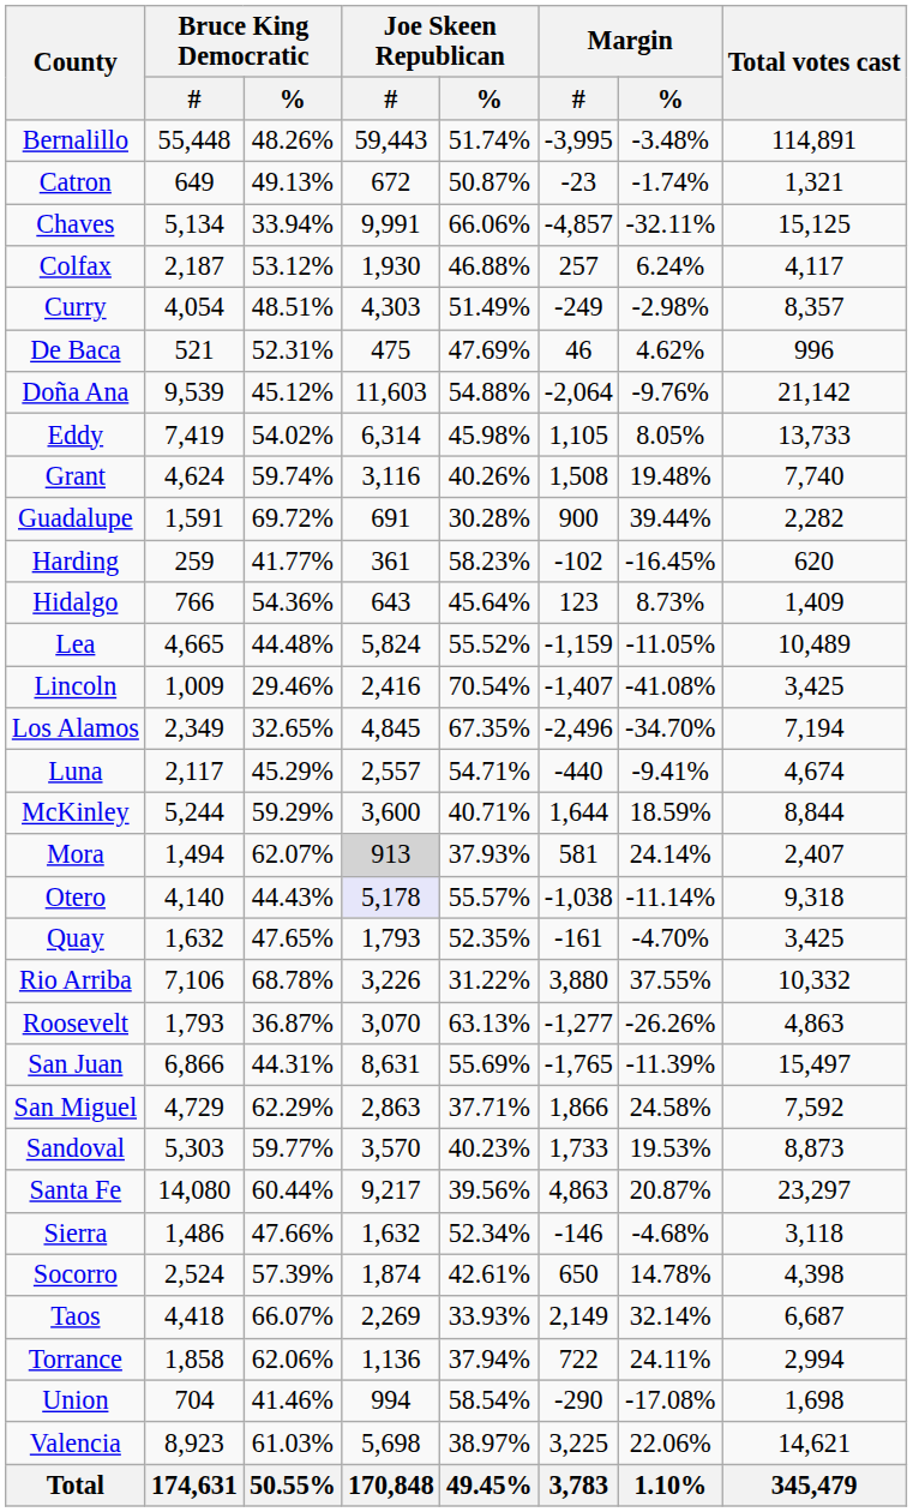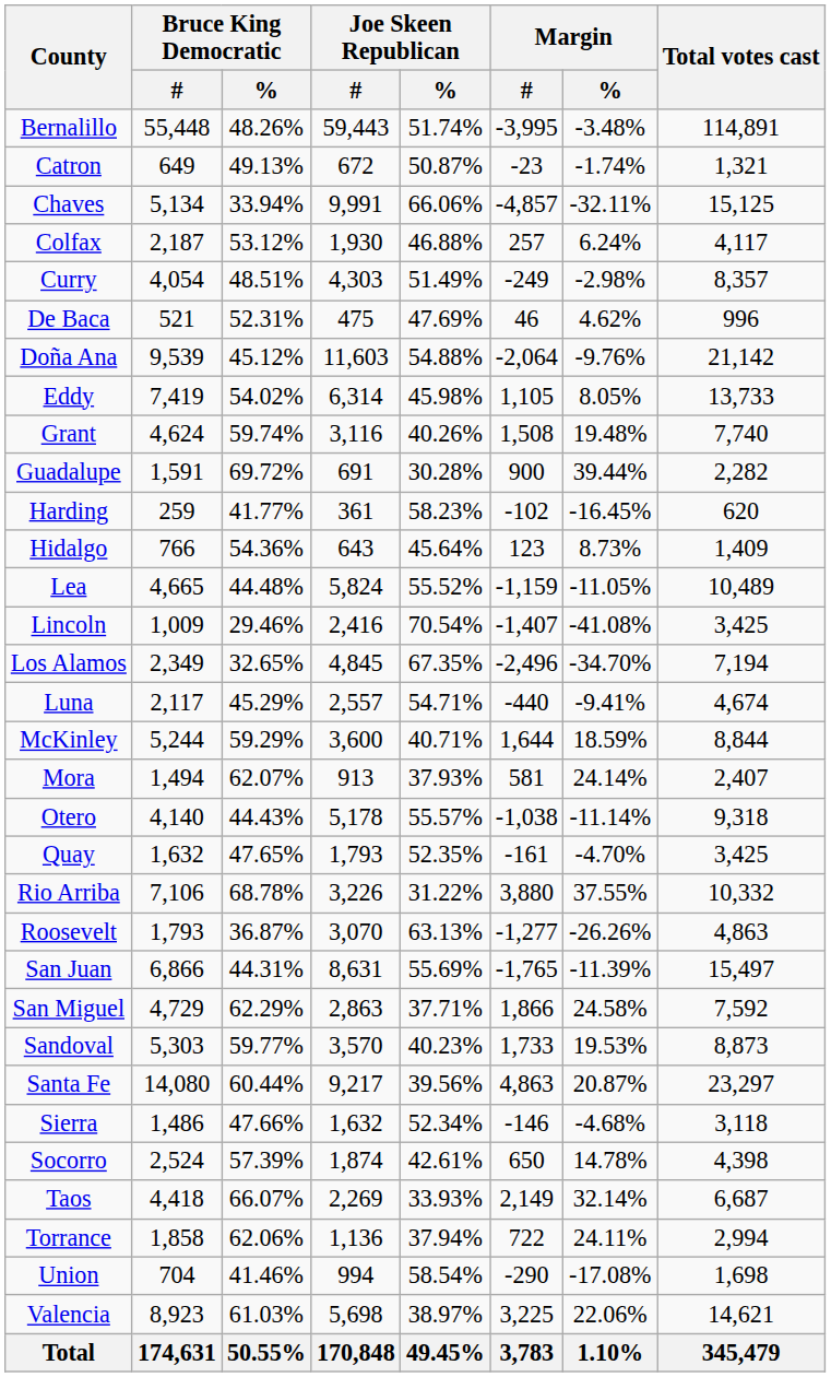 <table class="wikitable sortable" style="text-align:center">
 <tr>
 <th style="text-align:center;" rowspan="2">County</th>
 <th style="text-align:center;" colspan="2">Bruce King<br>Democratic</th>
 <th style="text-align:center;" colspan="2">Joe Skeen<br>Republican</th>
 <th style="text-align:center;" colspan="2">Margin</th>
 <th style="text-align:center;" rowspan="2">Total votes cast</th>
 </tr>
 <tr>
 <th style="text-align:center;" data-sort-type="number">#</th>
 <th style="text-align:center;" data-sort-type="number">%</th>
 <th style="text-align:center;" data-sort-type="number">#</th>
 <th style="text-align:center;" data-sort-type="number">%</th>
 <th style="text-align:center;" data-sort-type="number">#</th>
 <th style="text-align:center;" data-sort-type="number">%</th>
 </tr>
 <tr style="text-align:center;">
 <td><a href='#'>Bernalillo</a></td>
 <td>55,448</td>
 <td>48.26%</td>
 <td>59,443</td>
 <td>51.74%</td>
 <td>-3,995</td>
 <td>-3.48%</td>
 <td>114,891</td>
 </tr>
 <tr style="text-align:center;">
 <td><a href='#'>Catron</a></td>
 <td>649</td>
 <td>49.13%</td>
 <td>672</td>
 <td>50.87%</td>
 <td>-23</td>
 <td>-1.74%</td>
 <td>1,321</td>
 </tr>
 <tr style="text-align:center;">
 <td><a href='#'>Chaves</a></td>
 <td>5,134</td>
 <td>33.94%</td>
 <td>9,991</td>
 <td>66.06%</td>
 <td>-4,857</td>
 <td>-32.11%</td>
 <td>15,125</td>
 </tr>
 <tr style="text-align:center;">
 <td><a href='#'>Colfax</a></td>
 <td>2,187</td>
 <td>53.12%</td>
 <td>1,930</td>
 <td>46.88%</td>
 <td>257</td>
 <td>6.24%</td>
 <td>4,117</td>
 </tr>
 <tr style="text-align:center;">
 <td><a href='#'>Curry</a></td>
 <td>4,054</td>
 <td>48.51%</td>
 <td>4,303</td>
 <td>51.49%</td>
 <td>-249</td>
 <td>-2.98%</td>
 <td>8,357</td>
 </tr>
 <tr style="text-align:center;">
 <td><a href='#'>De Baca</a></td>
 <td>521</td>
 <td>52.31%</td>
 <td>475</td>
 <td>47.69%</td>
 <td>46</td>
 <td>4.62%</td>
 <td>996</td>
 </tr>
 <tr style="text-align:center;">
 <td><a href='#'>Doña Ana</a></td>
 <td>9,539</td>
 <td>45.12%</td>
 <td>11,603</td>
 <td>54.88%</td>
 <td>-2,064</td>
 <td>-9.76%</td>
 <td>21,142</td>
 </tr>
 <tr style="text-align:center;">
 <td><a href='#'>Eddy</a></td>
 <td>7,419</td>
 <td>54.02%</td>
 <td>6,314</td>
 <td>45.98%</td>
 <td>1,105</td>
 <td>8.05%</td>
 <td>13,733</td>
 </tr>
 <tr style="text-align:center;">
 <td><a href='#'>Grant</a></td>
 <td>4,624</td>
 <td>59.74%</td>
 <td>3,116</td>
 <td>40.26%</td>
 <td>1,508</td>
 <td>19.48%</td>
 <td>7,740</td>
 </tr>
 <tr style="text-align:center;">
 <td><a href='#'>Guadalupe</a></td>
 <td>1,591</td>
 <td>69.72%</td>
 <td>691</td>
 <td>30.28%</td>
 <td>900</td>
 <td>39.44%</td>
 <td>2,282</td>
 </tr>
 <tr style="text-align:center;">
 <td><a href='#'>Harding</a></td>
 <td>259</td>
 <td>41.77%</td>
 <td>361</td>
 <td>58.23%</td>
 <td>-102</td>
 <td>-16.45%</td>
 <td>620</td>
 </tr>
 <tr style="text-align:center;">
 <td><a href='#'>Hidalgo</a></td>
 <td>766</td>
 <td>54.36%</td>
 <td>643</td>
 <td>45.64%</td>
 <td>123</td>
 <td>8.73%</td>
 <td>1,409</td>
 </tr>
 <tr style="text-align:center;">
 <td><a href='#'>Lea</a></td>
 <td>4,665</td>
 <td>44.48%</td>
 <td>5,824</td>
 <td>55.52%</td>
 <td>-1,159</td>
 <td>-11.05%</td>
 <td>10,489</td>
 </tr>
 <tr style="text-align:center;">
 <td><a href='#'>Lincoln</a></td>
 <td>1,009</td>
 <td>29.46%</td>
 <td>2,416</td>
 <td>70.54%</td>
 <td>-1,407</td>
 <td>-41.08%</td>
 <td>3,425</td>
 </tr>
 <tr style="text-align:center;">
 <td><a href='#'>Los Alamos</a></td>
 <td>2,349</td>
 <td>32.65%</td>
 <td>4,845</td>
 <td>67.35%</td>
 <td>-2,496</td>
 <td>-34.70%</td>
 <td>7,194</td>
 </tr>
 <tr style="text-align:center;">
 <td><a href='#'>Luna</a></td>
 <td>2,117</td>
 <td>45.29%</td>
 <td>2,557</td>
 <td>54.71%</td>
 <td>-440</td>
 <td>-9.41%</td>
 <td>4,674</td>
 </tr>
 <tr style="text-align:center;">
 <td><a href='#'>McKinley</a></td>
 <td>5,244</td>
 <td>59.29%</td>
 <td>3,600</td>
 <td>40.71%</td>
 <td>1,644</td>
 <td>18.59%</td>
 <td>8,844</td>
 </tr>
 <tr style="text-align:center;">
 <td><a href='#'>Mora</a></td>
 <td>1,494</td>
 <td>62.07%</td>
-<td style="background: lightgrey;">913</td>
+<td>913</td>
 <td>37.93%</td>
 <td>581</td>
 <td>24.14%</td>
 <td>2,407</td>
 </tr>
 <tr style="text-align:center;">
 <td><a href='#'>Otero</a></td>
 <td>4,140</td>
 <td>44.43%</td>
-<td style="background: lavender;">5,178</td>
+<td>5,178</td>
 <td>55.57%</td>
 <td>-1,038</td>
 <td>-11.14%</td>
 <td>9,318</td>
 </tr>
 <tr style="text-align:center;">
 <td><a href='#'>Quay</a></td>
 <td>1,632</td>
 <td>47.65%</td>
 <td>1,793</td>
 <td>52.35%</td>
 <td>-161</td>
 <td>-4.70%</td>
 <td>3,425</td>
 </tr>
 <tr style="text-align:center;">
 <td><a href='#'>Rio Arriba</a></td>
 <td>7,106</td>
 <td>68.78%</td>
 <td>3,226</td>
 <td>31.22%</td>
 <td>3,880</td>
 <td>37.55%</td>
 <td>10,332</td>
 </tr>
 <tr style="text-align:center;">
 <td><a href='#'>Roosevelt</a></td>
 <td>1,793</td>
 <td>36.87%</td>
 <td>3,070</td>
 <td>63.13%</td>
 <td>-1,277</td>
 <td>-26.26%</td>
 <td>4,863</td>
 </tr>
 <tr style="text-align:center;">
 <td><a href='#'>San Juan</a></td>
 <td>6,866</td>
 <td>44.31%</td>
 <td>8,631</td>
 <td>55.69%</td>
 <td>-1,765</td>
 <td>-11.39%</td>
 <td>15,497</td>
 </tr>
 <tr style="text-align:center;">
 <td><a href='#'>San Miguel</a></td>
 <td>4,729</td>
 <td>62.29%</td>
 <td>2,863</td>
 <td>37.71%</td>
 <td>1,866</td>
 <td>24.58%</td>
 <td>7,592</td>
 </tr>
 <tr style="text-align:center;">
 <td><a href='#'>Sandoval</a></td>
 <td>5,303</td>
 <td>59.77%</td>
 <td>3,570</td>
 <td>40.23%</td>
 <td>1,733</td>
 <td>19.53%</td>
 <td>8,873</td>
 </tr>
 <tr style="text-align:center;">
 <td><a href='#'>Santa Fe</a></td>
 <td>14,080</td>
 <td>60.44%</td>
 <td>9,217</td>
 <td>39.56%</td>
 <td>4,863</td>
 <td>20.87%</td>
 <td>23,297</td>
 </tr>
 <tr style="text-align:center;">
 <td><a href='#'>Sierra</a></td>
 <td>1,486</td>
 <td>47.66%</td>
 <td>1,632</td>
 <td>52.34%</td>
 <td>-146</td>
 <td>-4.68%</td>
 <td>3,118</td>
 </tr>
 <tr style="text-align:center;">
 <td><a href='#'>Socorro</a></td>
 <td>2,524</td>
 <td>57.39%</td>
 <td>1,874</td>
 <td>42.61%</td>
 <td>650</td>
 <td>14.78%</td>
 <td>4,398</td>
 </tr>
 <tr style="text-align:center;">
 <td><a href='#'>Taos</a></td>
 <td>4,418</td>
 <td>66.07%</td>
 <td>2,269</td>
 <td>33.93%</td>
 <td>2,149</td>
 <td>32.14%</td>
 <td>6,687</td>
 </tr>
 <tr style="text-align:center;">
 <td><a href='#'>Torrance</a></td>
 <td>1,858</td>
 <td>62.06%</td>
 <td>1,136</td>
 <td>37.94%</td>
 <td>722</td>
 <td>24.11%</td>
 <td>2,994</td>
 </tr>
 <tr style="text-align:center;">
 <td><a href='#'>Union</a></td>
 <td>704</td>
 <td>41.46%</td>
 <td>994</td>
 <td>58.54%</td>
 <td>-290</td>
 <td>-17.08%</td>
 <td>1,698</td>
 </tr>
 <tr style="text-align:center;">
 <td><a href='#'>Valencia</a></td>
 <td>8,923</td>
 <td>61.03%</td>
 <td>5,698</td>
 <td>38.97%</td>
 <td>3,225</td>
 <td>22.06%</td>
 <td>14,621</td>
 </tr>
 <tr style="text-align:center;">
 <th>Total</th>
 <th>174,631</th>
 <th>50.55%</th>
 <th>170,848</th>
 <th>49.45%</th>
 <th>3,783</th>
 <th>1.10%</th>
 <th>345,479</th>
 </tr>
 </table>
